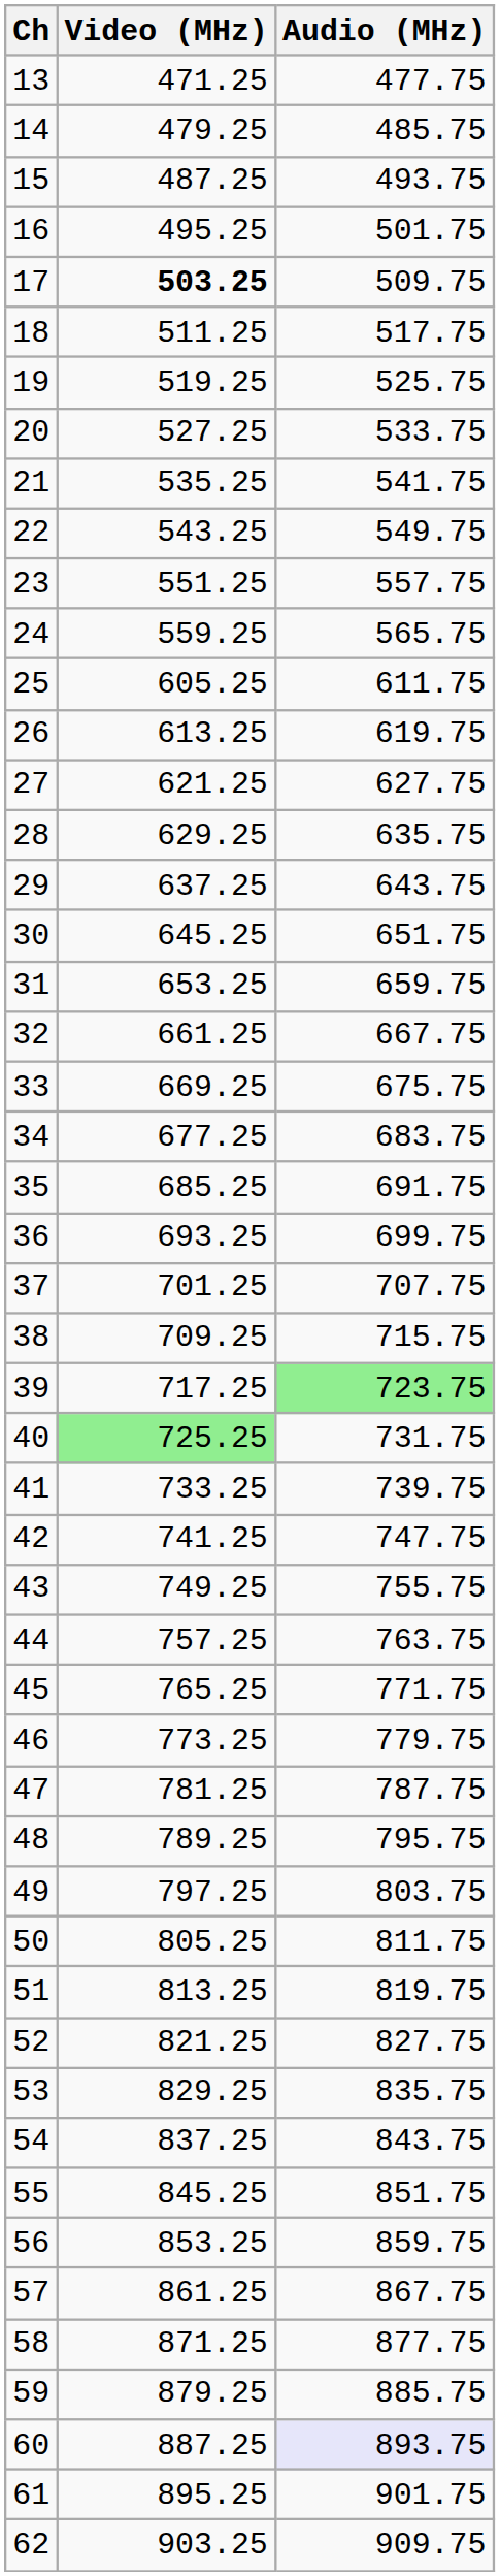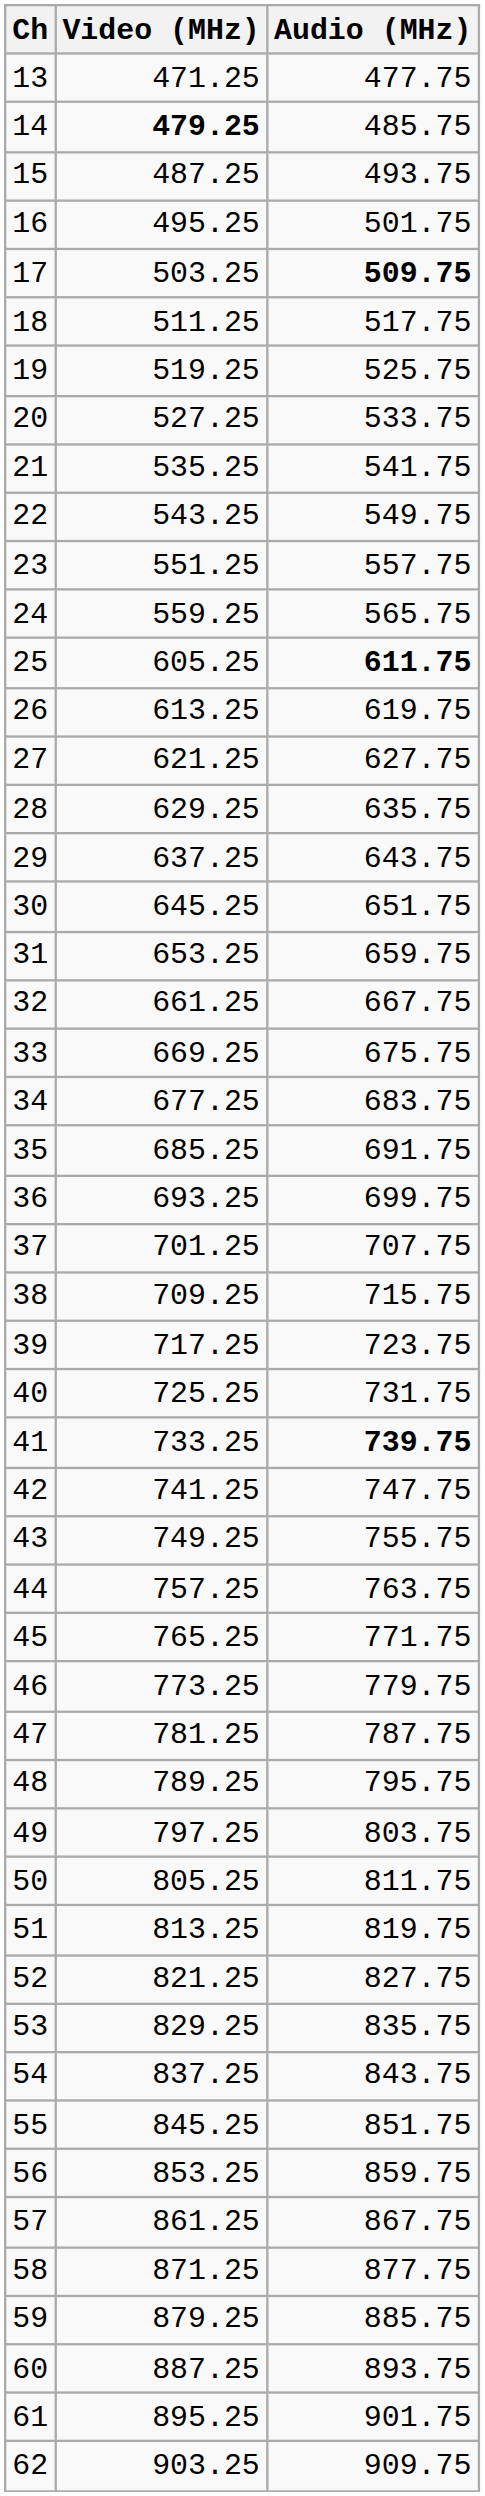 <table class="wikitable" style="text-align:right">
 <tr>
 <th>Ch</th>
 <th>Video (MHz)</th>
 <th>Audio (MHz)</th>
 </tr>
 <tr>
 <td>13</td>
 <td>471.25</td>
 <td>477.75</td>
 </tr>
 <tr>
 <td>14</td>
-<td>479.25</td>
+<td><strong>479.25</strong></td>
 <td>485.75</td>
 </tr>
 <tr>
 <td>15</td>
 <td>487.25</td>
 <td>493.75</td>
 </tr>
 <tr>
 <td>16</td>
 <td>495.25</td>
 <td>501.75</td>
 </tr>
 <tr>
 <td>17</td>
-<td><strong>503.25</strong></td>
-<td>509.75</td>
+<td>503.25</td>
+<td><strong>509.75</strong></td>
 </tr>
 <tr>
 <td>18</td>
 <td>511.25</td>
 <td>517.75</td>
 </tr>
 <tr>
 <td>19</td>
 <td>519.25</td>
 <td>525.75</td>
 </tr>
 <tr>
 <td>20</td>
 <td>527.25</td>
 <td>533.75</td>
 </tr>
 <tr>
 <td>21</td>
 <td>535.25</td>
 <td>541.75</td>
 </tr>
 <tr>
 <td>22</td>
 <td>543.25</td>
 <td>549.75</td>
 </tr>
 <tr>
 <td>23</td>
 <td>551.25</td>
 <td>557.75</td>
 </tr>
 <tr>
 <td>24</td>
 <td>559.25</td>
 <td>565.75</td>
 </tr>
 <tr>
 <td>25</td>
 <td>605.25</td>
-<td>611.75</td>
+<td><strong>611.75</strong></td>
 </tr>
 <tr>
 <td>26</td>
 <td>613.25</td>
 <td>619.75</td>
 </tr>
 <tr>
 <td>27</td>
 <td>621.25</td>
 <td>627.75</td>
 </tr>
 <tr>
 <td>28</td>
 <td>629.25</td>
 <td>635.75</td>
 </tr>
 <tr>
 <td>29</td>
 <td>637.25</td>
 <td>643.75</td>
 </tr>
 <tr>
 <td>30</td>
 <td>645.25</td>
 <td>651.75</td>
 </tr>
 <tr>
 <td>31</td>
 <td>653.25</td>
 <td>659.75</td>
 </tr>
 <tr>
 <td>32</td>
 <td>661.25</td>
 <td>667.75</td>
 </tr>
 <tr>
 <td>33</td>
 <td>669.25</td>
 <td>675.75</td>
 </tr>
 <tr>
 <td>34</td>
 <td>677.25</td>
 <td>683.75</td>
 </tr>
 <tr>
 <td>35</td>
 <td>685.25</td>
 <td>691.75</td>
 </tr>
 <tr>
 <td>36</td>
 <td>693.25</td>
 <td>699.75</td>
 </tr>
 <tr>
 <td>37</td>
 <td>701.25</td>
 <td>707.75</td>
 </tr>
 <tr>
 <td>38</td>
 <td>709.25</td>
 <td>715.75</td>
 </tr>
 <tr>
 <td>39</td>
 <td>717.25</td>
-<td style="background: lightgreen;">723.75</td>
+<td>723.75</td>
 </tr>
 <tr>
 <td>40</td>
-<td style="background: lightgreen;">725.25</td>
+<td>725.25</td>
 <td>731.75</td>
 </tr>
 <tr>
 <td>41</td>
 <td>733.25</td>
-<td>739.75</td>
+<td><strong>739.75</strong></td>
 </tr>
 <tr>
 <td>42</td>
 <td>741.25</td>
 <td>747.75</td>
 </tr>
 <tr>
 <td>43</td>
 <td>749.25</td>
 <td>755.75</td>
 </tr>
 <tr>
 <td>44</td>
 <td>757.25</td>
 <td>763.75</td>
 </tr>
 <tr>
 <td>45</td>
 <td>765.25</td>
 <td>771.75</td>
 </tr>
 <tr>
 <td>46</td>
 <td>773.25</td>
 <td>779.75</td>
 </tr>
 <tr>
 <td>47</td>
 <td>781.25</td>
 <td>787.75</td>
 </tr>
 <tr>
 <td>48</td>
 <td>789.25</td>
 <td>795.75</td>
 </tr>
 <tr>
 <td>49</td>
 <td>797.25</td>
 <td>803.75</td>
 </tr>
 <tr>
 <td>50</td>
 <td>805.25</td>
 <td>811.75</td>
 </tr>
 <tr>
 <td>51</td>
 <td>813.25</td>
 <td>819.75</td>
 </tr>
 <tr>
 <td>52</td>
 <td>821.25</td>
 <td>827.75</td>
 </tr>
 <tr>
 <td>53</td>
 <td>829.25</td>
 <td>835.75</td>
 </tr>
 <tr>
 <td>54</td>
 <td>837.25</td>
 <td>843.75</td>
 </tr>
 <tr>
 <td>55</td>
 <td>845.25</td>
 <td>851.75</td>
 </tr>
 <tr>
 <td>56</td>
 <td>853.25</td>
 <td>859.75</td>
 </tr>
 <tr>
 <td>57</td>
 <td>861.25</td>
 <td>867.75</td>
 </tr>
 <tr>
 <td>58</td>
 <td>871.25</td>
 <td>877.75</td>
 </tr>
 <tr>
 <td>59</td>
 <td>879.25</td>
 <td>885.75</td>
 </tr>
 <tr>
 <td>60</td>
 <td>887.25</td>
-<td style="background: lavender;">893.75</td>
+<td>893.75</td>
 </tr>
 <tr>
 <td>61</td>
 <td>895.25</td>
 <td>901.75</td>
 </tr>
 <tr>
 <td>62</td>
 <td>903.25</td>
 <td>909.75</td>
 </tr>
 </table>
